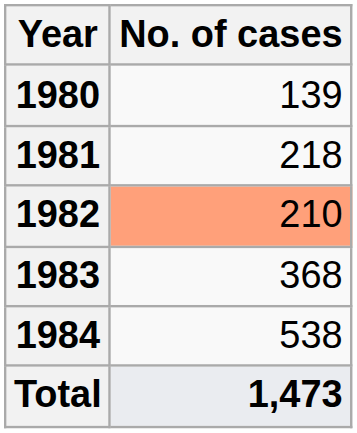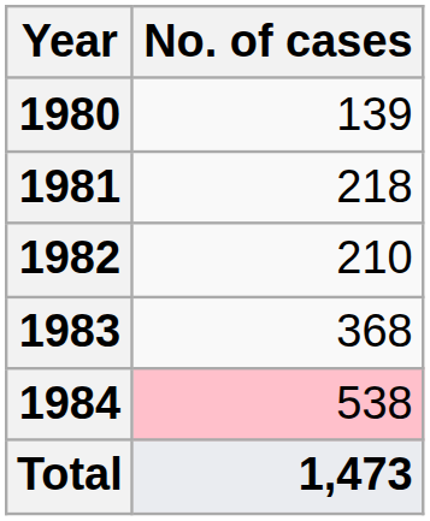 <table class="wikitable sortable floatright" style="text-align:right;">
 <tr>
 <th scope="col">Year</th>
 <th scope="col">No. of cases</th>
 </tr>
 <tr>
 <th scope="row">1980</th>
 <td>139</td>
 </tr>
 <tr>
 <th scope="row">1981</th>
 <td>218</td>
 </tr>
 <tr>
 <th scope="row">1982</th>
-<td style="background: lightsalmon;">210</td>
+<td>210</td>
 </tr>
 <tr>
 <th scope="row">1983</th>
 <td>368</td>
 </tr>
 <tr>
 <th scope="row">1984</th>
-<td>538</td>
+<td style="background: pink;">538</td>
 </tr>
 <tr>
 <th scope="row">Total</th>
 <td style="background-color:#eaecf0;"><strong>1,473</strong></td>
 </tr>
 </table>
